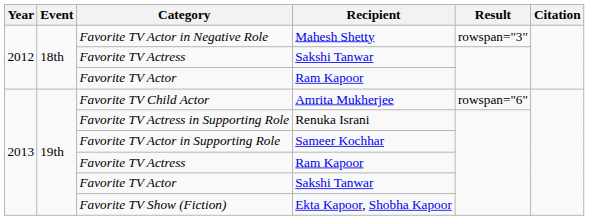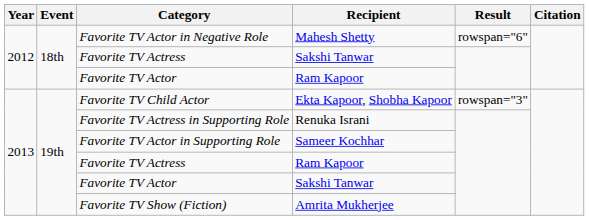 <table class="wikitable">
 <tr>
 <th>Year</th>
 <th>Event</th>
 <th>Category</th>
 <th>Recipient</th>
 <th>Result</th>
 <th>Citation</th>
 </tr>
 <tr>
 <td rowspan="3">2012</td>
 <td rowspan="3">18th</td>
 <td><em>Favorite TV Actor in Negative Role</em></td>
 <td><a href='#'>Mahesh Shetty</a></td>
-<td>rowspan="3" </td>
+<td>rowspan="6" </td>
 <td rowspan="3"></td>
 </tr>
 <tr>
 <td><em>Favorite TV Actress</em></td>
 <td><a href='#'>Sakshi Tanwar</a></td>
 </tr>
 <tr>
 <td><em>Favorite TV Actor</em></td>
 <td><a href='#'>Ram Kapoor</a></td>
 </tr>
 <tr>
 <td rowspan="6">2013</td>
 <td rowspan="6">19th</td>
 <td><em>Favorite TV Child Actor</em></td>
-<td><a href='#'>Amrita Mukherjee</a></td>
-<td>rowspan="6" </td>
+<td><a href='#'>Ekta Kapoor</a>, <a href='#'>Shobha Kapoor</a></td>
+<td>rowspan="3" </td>
 <td rowspan="6"></td>
 </tr>
 <tr>
 <td><em>Favorite TV Actress in Supporting Role</em></td>
 <td>Renuka Israni</td>
 </tr>
 <tr>
 <td><em>Favorite TV Actor in Supporting Role</em></td>
 <td><a href='#'>Sameer Kochhar</a></td>
 </tr>
 <tr>
 <td><em>Favorite TV Actress</em></td>
 <td><a href='#'>Ram Kapoor</a></td>
 </tr>
 <tr>
 <td><em>Favorite TV Actor</em></td>
 <td><a href='#'>Sakshi Tanwar</a></td>
 </tr>
 <tr>
 <td><em>Favorite TV Show (Fiction)</em></td>
-<td><a href='#'>Ekta Kapoor</a>, <a href='#'>Shobha Kapoor</a></td>
+<td><a href='#'>Amrita Mukherjee</a></td>
 </tr>
 </table>
